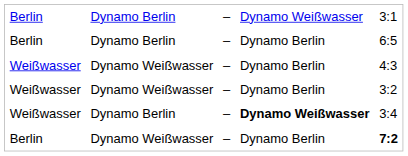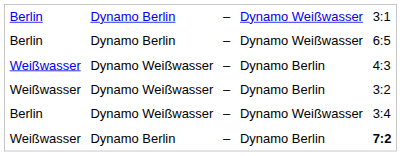 <table cellspacing="0" border="0" cellpadding="6" style="border:1px solid #bbb; background-color:#FFFFFF;">
 <tr>
 <td><a href='#'>Berlin</a></td>
 <td><a href='#'>Dynamo Berlin</a></td>
 <td>–</td>
 <td><a href='#'>Dynamo Weißwasser</a></td>
 <td>3:1</td>
 </tr>
 <tr>
 <td>Berlin</td>
 <td>Dynamo Berlin</td>
 <td>–</td>
-<td>Dynamo Berlin</td>
+<td>Dynamo Weißwasser</td>
 <td>6:5</td>
 </tr>
 <tr>
 <td><a href='#'>Weißwasser</a></td>
 <td>Dynamo Weißwasser</td>
 <td>–</td>
 <td>Dynamo Berlin</td>
 <td>4:3</td>
 </tr>
 <tr>
 <td>Weißwasser</td>
 <td>Dynamo Weißwasser</td>
 <td>–</td>
 <td>Dynamo Berlin</td>
 <td>3:2</td>
 </tr>
 <tr>
-<td>Weißwasser</td>
-<td>Dynamo Berlin</td>
+<td>Berlin</td>
+<td>Dynamo Weißwasser</td>
 <td>–</td>
-<td><strong>Dynamo Weißwasser</strong></td>
+<td>Dynamo Weißwasser</td>
 <td>3:4</td>
 </tr>
 <tr>
-<td>Berlin</td>
-<td>Dynamo Weißwasser</td>
+<td>Weißwasser</td>
+<td>Dynamo Berlin</td>
 <td>–</td>
 <td>Dynamo Berlin</td>
 <td><strong>7:2</strong></td>
 </tr>
 </table>
